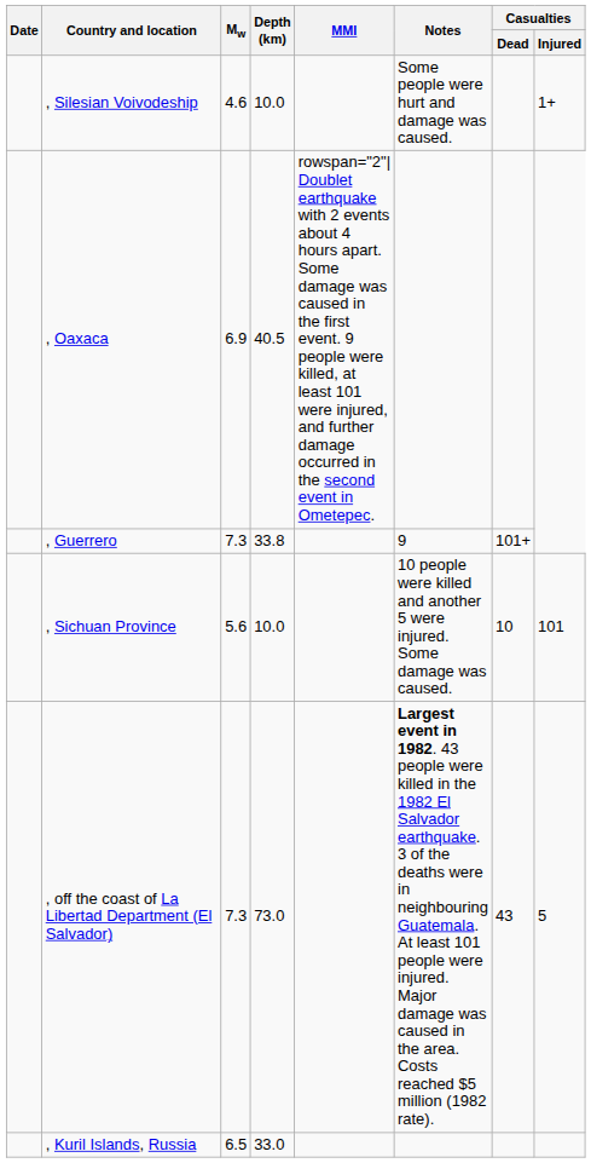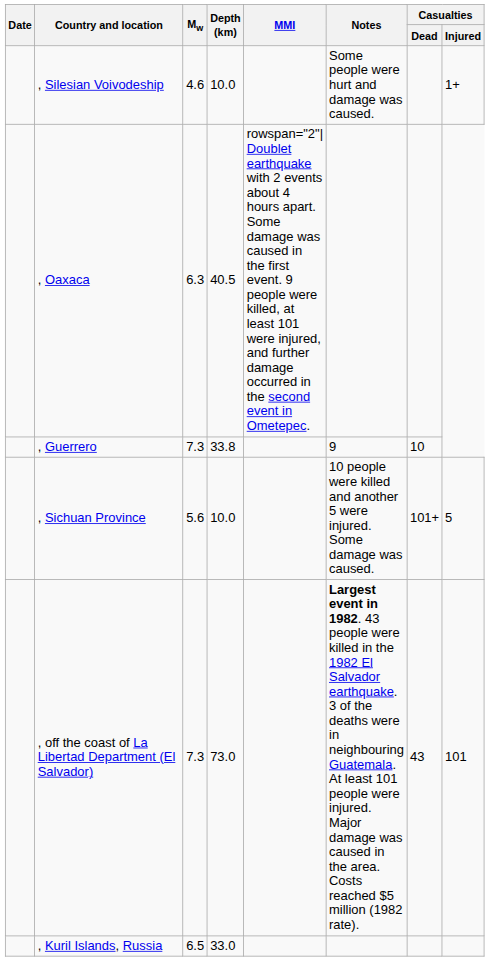 <table class="wikitable sortable sort-under" style="border:1px black;  margin-left:1em;">
 <tr>
 <th rowspan="2"><small>Date</small></th>
 <th rowspan="2" style="width: 280px"><small>Country and location</small></th>
 <th rowspan="2"><small>M<sub>w</sub></small></th>
 <th rowspan="2"><small>Depth (km)</small></th>
 <th rowspan="2"><small><a href='#'>MMI</a></small></th>
 <th rowspan="2" class="unsortable"><small>Notes</small></th>
 <th colspan="2"><small>Casualties</small></th>
 </tr>
 <tr>
 <th><small>Dead</small></th>
 <th><small>Injured</small></th>
 </tr>
 <tr>
 <td></td>
 <td>, <a href='#'>Silesian Voivodeship</a></td>
 <td>4.6</td>
 <td>10.0</td>
 <td></td>
 <td>Some people were hurt and damage was caused.</td>
 <td></td>
 <td>1+</td>
 </tr>
 <tr>
 <td></td>
 <td>, <a href='#'>Oaxaca</a></td>
-<td>6.9</td>
+<td>6.3</td>
 <td>40.5</td>
 <td>rowspan="2"| <a href='#'>Doublet earthquake</a> with 2 events about 4 hours apart. Some damage was caused in the first event. 9 people were killed, at least 101 were injured, and further damage occurred in the <a href='#'>second event in Ometepec</a>.</td>
 <td></td>
 <td></td>
 </tr>
 <tr>
 <td></td>
 <td>, <a href='#'>Guerrero</a></td>
 <td>7.3</td>
 <td>33.8</td>
 <td></td>
 <td>9</td>
-<td>101+</td>
+<td>10</td>
 </tr>
 <tr>
 <td></td>
 <td>, <a href='#'>Sichuan Province</a></td>
 <td>5.6</td>
 <td>10.0</td>
 <td></td>
 <td>10 people were killed and another 5 were injured. Some damage was caused.</td>
-<td>10</td>
-<td>101</td>
+<td>101+</td>
+<td>5</td>
 </tr>
 <tr>
 <td></td>
 <td>, off the coast of <a href='#'>La Libertad Department (El Salvador)</a></td>
 <td>7.3</td>
 <td>73.0</td>
 <td></td>
 <td><strong>Largest event in 1982</strong>. 43 people were killed in the <a href='#'>1982 El Salvador earthquake</a>. 3 of the deaths were in neighbouring <a href='#'>Guatemala</a>. At least 101 people were injured. Major damage was caused in the area. Costs reached $5 million (1982 rate).</td>
 <td>43</td>
-<td>5</td>
+<td>101</td>
 </tr>
 <tr>
 <td></td>
 <td>, <a href='#'>Kuril Islands</a>, <a href='#'>Russia</a></td>
 <td>6.5</td>
 <td>33.0</td>
 <td></td>
 <td></td>
 <td></td>
 <td></td>
 </tr>
 </table>
